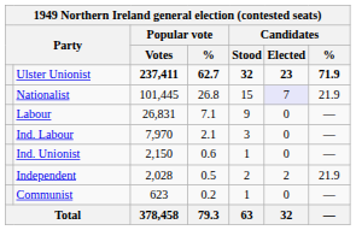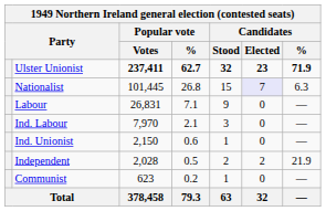 <table class="wikitable" style="font-size:95%">
 <tr>
 <th colspan="16" style="background-color:#f2f2f2">1949 Northern Ireland general election (contested seats)</th>
 </tr>
 <tr style="vertical-align:center;">
 <th style="width:150px;" "vertical-align:center;" rowspan="2" colspan="2">Party</th>
 <th colspan="2" style="width: 30px">Popular vote</th>
 <th colspan="3" style="width: 30px">Candidates</th>
 </tr>
 <tr>
 <th style="width:65px;">Votes</th>
 <th style="width:45px;">%</th>
 <th>Stood</th>
 <th>Elected</th>
 <th style="width:45px;">%</th>
 </tr>
 <tr>
 <th style="background-color: "></th>
 <td><a href='#'>Ulster Unionist</a></td>
 <td align="center"><strong>237,411</strong></td>
 <td align="center"><strong>62.7</strong></td>
 <td align="center"><strong>32</strong></td>
 <td align="center"><strong>23</strong></td>
 <td align="center"><strong>71.9</strong></td>
 </tr>
 <tr>
 <th style="background-color: "></th>
 <td><a href='#'>Nationalist</a></td>
 <td align="center">101,445</td>
 <td align="center">26.8</td>
 <td align="center">15</td>
 <td align="center" style="background: lavender;">7</td>
-<td align="center">21.9</td>
+<td align="center">6.3</td>
 </tr>
 <tr>
 <th style="background-color: "></th>
 <td><a href='#'>Labour</a></td>
 <td align="center">26,831</td>
 <td align="center">7.1</td>
 <td align="center">9</td>
 <td align="center">0</td>
 <td align="center">—</td>
 </tr>
 <tr>
 <th style="background-color: "></th>
 <td><a href='#'>Ind. Labour</a></td>
 <td align="center">7,970</td>
 <td align="center">2.1</td>
 <td align="center">3</td>
 <td align="center">0</td>
 <td align="center">—</td>
 </tr>
 <tr>
 <th style="background-color: "></th>
 <td><a href='#'>Ind. Unionist</a></td>
 <td align="center">2,150</td>
 <td align="center">0.6</td>
 <td align="center">1</td>
 <td align="center">0</td>
 <td align="center">—</td>
 </tr>
 <tr>
 <th style="background-color: "></th>
 <td><a href='#'>Independent</a></td>
 <td align="center">2,028</td>
 <td align="center">0.5</td>
 <td align="center">2</td>
 <td align="center">2</td>
 <td align="center">21.9</td>
 </tr>
 <tr>
 <th style="background-color: "></th>
 <td><a href='#'>Communist</a></td>
 <td align="center">623</td>
 <td align="center">0.2</td>
 <td align="center">1</td>
 <td align="center">0</td>
 <td align="center">—</td>
 </tr>
 <tr>
 <th style="width:150px;" "vertical-align:center;" colspan="2">Total</th>
 <th align="center">378,458</th>
 <th align="center">79.3</th>
 <th align="center">63</th>
 <th align="center">32</th>
 <th align="center">—</th>
 </tr>
 </table>
